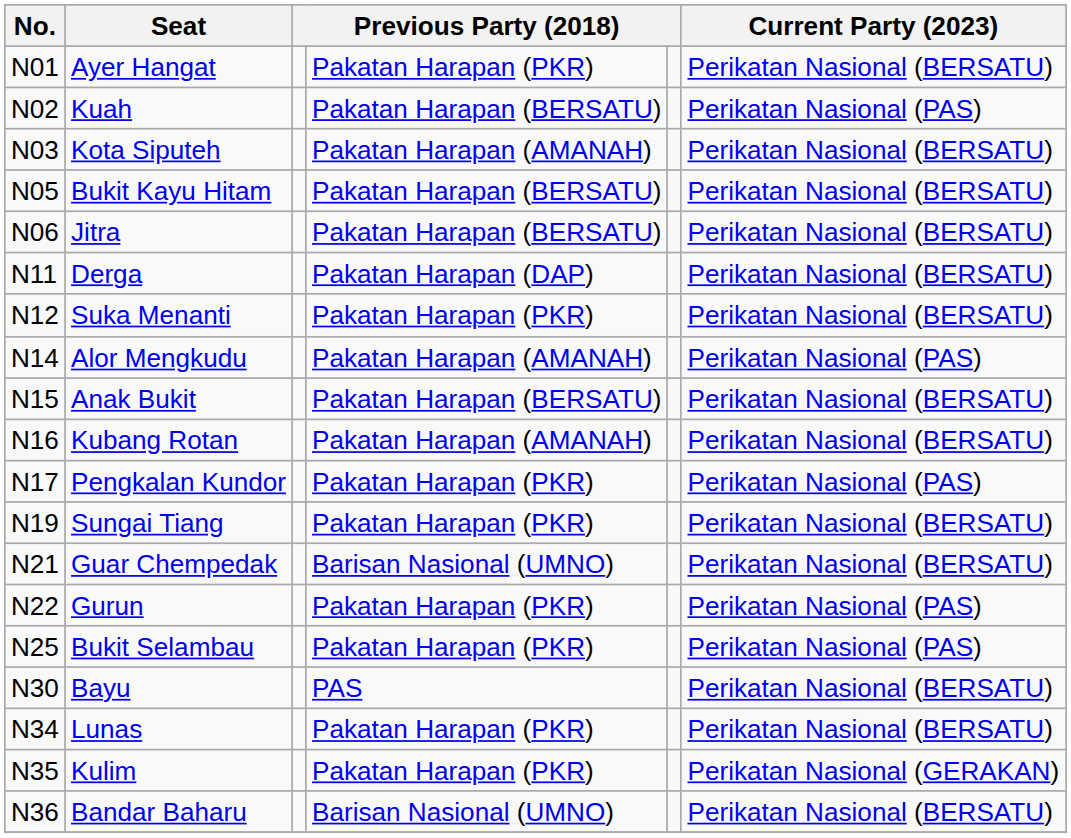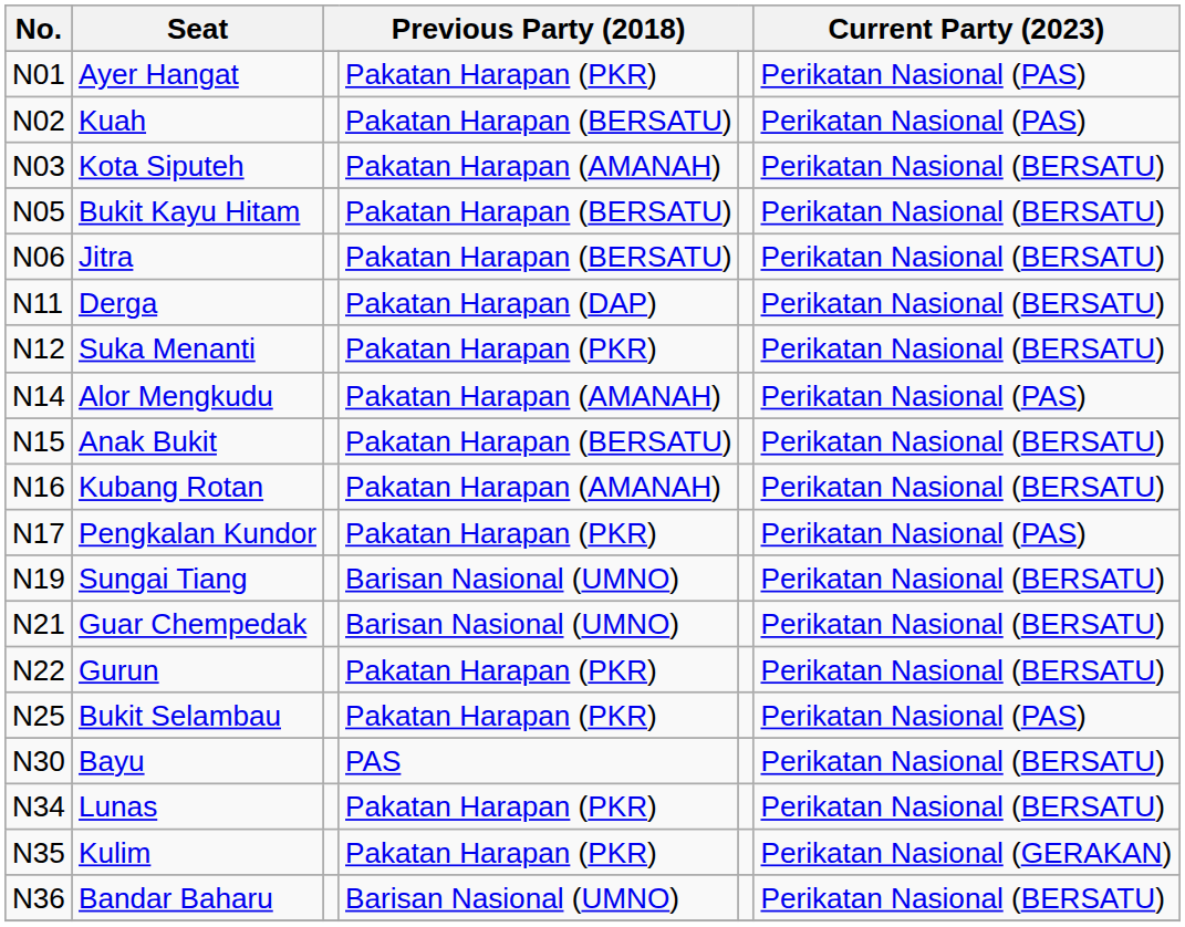 <table class="wikitable sortable" style="font-size:95%;">
 <tr>
 <th scope="col">No.</th>
 <th scope="col">Seat</th>
 <th colspan="3" scope="col">Previous Party (2018)</th>
 <th colspan="3" scope="col">Current Party (2023)</th>
 </tr>
 <tr>
 <td>N01</td>
 <td><a href='#'>Ayer Hangat</a></td>
 <td width="1"></td>
 <td><a href='#'>Pakatan Harapan</a> (<a href='#'>PKR</a>)</td>
 <td width="1"></td>
-<td><a href='#'>Perikatan Nasional</a> (<a href='#'>BERSATU</a>)</td>
+<td><a href='#'>Perikatan Nasional</a> (<a href='#'>PAS</a>)</td>
 </tr>
 <tr>
 <td>N02</td>
 <td><a href='#'>Kuah</a></td>
 <td width="1"></td>
 <td><a href='#'>Pakatan Harapan</a> (<a href='#'>BERSATU</a>)</td>
 <td width="1"></td>
 <td><a href='#'>Perikatan Nasional</a> (<a href='#'>PAS</a>)</td>
 </tr>
 <tr>
 <td>N03</td>
 <td><a href='#'>Kota Siputeh</a></td>
 <td width="1"></td>
 <td><a href='#'>Pakatan Harapan</a> (<a href='#'>AMANAH</a>)</td>
 <td width="1"></td>
 <td><a href='#'>Perikatan Nasional</a> (<a href='#'>BERSATU</a>)</td>
 </tr>
 <tr>
 <td>N05</td>
 <td><a href='#'>Bukit Kayu Hitam</a></td>
 <td width="1"></td>
 <td><a href='#'>Pakatan Harapan</a> (<a href='#'>BERSATU</a>)</td>
 <td width="1"></td>
 <td><a href='#'>Perikatan Nasional</a> (<a href='#'>BERSATU</a>)</td>
 </tr>
 <tr>
 <td>N06</td>
 <td><a href='#'>Jitra</a></td>
 <td width="1"></td>
 <td><a href='#'>Pakatan Harapan</a> (<a href='#'>BERSATU</a>)</td>
 <td width="1"></td>
 <td><a href='#'>Perikatan Nasional</a> (<a href='#'>BERSATU</a>)</td>
 </tr>
 <tr>
 <td>N11</td>
 <td><a href='#'>Derga</a></td>
 <td width="1"></td>
 <td><a href='#'>Pakatan Harapan</a> (<a href='#'>DAP</a>)</td>
 <td width="1"></td>
 <td><a href='#'>Perikatan Nasional</a> (<a href='#'>BERSATU</a>)</td>
 </tr>
 <tr>
 <td>N12</td>
 <td><a href='#'>Suka Menanti</a></td>
 <td width="1"></td>
 <td><a href='#'>Pakatan Harapan</a> (<a href='#'>PKR</a>)</td>
 <td width="1"></td>
 <td><a href='#'>Perikatan Nasional</a> (<a href='#'>BERSATU</a>)</td>
 </tr>
 <tr>
 <td>N14</td>
 <td><a href='#'>Alor Mengkudu</a></td>
 <td width="1"></td>
 <td><a href='#'>Pakatan Harapan</a> (<a href='#'>AMANAH</a>)</td>
 <td width="1"></td>
 <td><a href='#'>Perikatan Nasional</a> (<a href='#'>PAS</a>)</td>
 </tr>
 <tr>
 <td>N15</td>
 <td><a href='#'>Anak Bukit</a></td>
 <td width="1"></td>
 <td><a href='#'>Pakatan Harapan</a> (<a href='#'>BERSATU</a>)</td>
 <td width="1"></td>
 <td><a href='#'>Perikatan Nasional</a> (<a href='#'>BERSATU</a>)</td>
 </tr>
 <tr>
 <td>N16</td>
 <td><a href='#'>Kubang Rotan</a></td>
 <td width="1"></td>
 <td><a href='#'>Pakatan Harapan</a> (<a href='#'>AMANAH</a>)</td>
 <td width="1"></td>
 <td><a href='#'>Perikatan Nasional</a> (<a href='#'>BERSATU</a>)</td>
 </tr>
 <tr>
 <td>N17</td>
 <td><a href='#'>Pengkalan Kundor</a></td>
 <td width="1"></td>
 <td><a href='#'>Pakatan Harapan</a> (<a href='#'>PKR</a>)</td>
 <td width="1"></td>
 <td><a href='#'>Perikatan Nasional</a> (<a href='#'>PAS</a>)</td>
 </tr>
 <tr>
 <td>N19</td>
 <td><a href='#'>Sungai Tiang</a></td>
 <td width="1"></td>
-<td><a href='#'>Pakatan Harapan</a> (<a href='#'>PKR</a>)</td>
+<td><a href='#'>Barisan Nasional</a> (<a href='#'>UMNO</a>)</td>
 <td width="1"></td>
 <td><a href='#'>Perikatan Nasional</a> (<a href='#'>BERSATU</a>)</td>
 </tr>
 <tr>
 <td>N21</td>
 <td><a href='#'>Guar Chempedak</a></td>
 <td width="1"></td>
 <td><a href='#'>Barisan Nasional</a> (<a href='#'>UMNO</a>)</td>
 <td width="1"></td>
 <td><a href='#'>Perikatan Nasional</a> (<a href='#'>BERSATU</a>)</td>
 </tr>
 <tr>
 <td>N22</td>
 <td><a href='#'>Gurun</a></td>
 <td width="1"></td>
 <td><a href='#'>Pakatan Harapan</a> (<a href='#'>PKR</a>)</td>
 <td width="1"></td>
-<td><a href='#'>Perikatan Nasional</a> (<a href='#'>PAS</a>)</td>
+<td><a href='#'>Perikatan Nasional</a> (<a href='#'>BERSATU</a>)</td>
 </tr>
 <tr>
 <td>N25</td>
 <td><a href='#'>Bukit Selambau</a></td>
 <td width="1"></td>
 <td><a href='#'>Pakatan Harapan</a> (<a href='#'>PKR</a>)</td>
 <td width="1"></td>
 <td><a href='#'>Perikatan Nasional</a> (<a href='#'>PAS</a>)</td>
 </tr>
 <tr>
 <td>N30</td>
 <td><a href='#'>Bayu</a></td>
 <td width="1"></td>
 <td><a href='#'>PAS</a></td>
 <td width="1"></td>
 <td><a href='#'>Perikatan Nasional</a> (<a href='#'>BERSATU</a>)</td>
 </tr>
 <tr>
 <td>N34</td>
 <td><a href='#'>Lunas</a></td>
 <td width="1"></td>
 <td><a href='#'>Pakatan Harapan</a> (<a href='#'>PKR</a>)</td>
 <td width="1"></td>
 <td><a href='#'>Perikatan Nasional</a> (<a href='#'>BERSATU</a>)</td>
 </tr>
 <tr>
 <td>N35</td>
 <td><a href='#'>Kulim</a></td>
 <td width="1"></td>
 <td><a href='#'>Pakatan Harapan</a> (<a href='#'>PKR</a>)</td>
 <td width="1"></td>
 <td><a href='#'>Perikatan Nasional</a> (<a href='#'>GERAKAN</a>)</td>
 </tr>
 <tr>
 <td>N36</td>
 <td><a href='#'>Bandar Baharu</a></td>
 <td width="1"></td>
 <td><a href='#'>Barisan Nasional</a> (<a href='#'>UMNO</a>)</td>
 <td width="1"></td>
 <td><a href='#'>Perikatan Nasional</a> (<a href='#'>BERSATU</a>)</td>
 </tr>
 <tr>
 </tr>
 </table>
